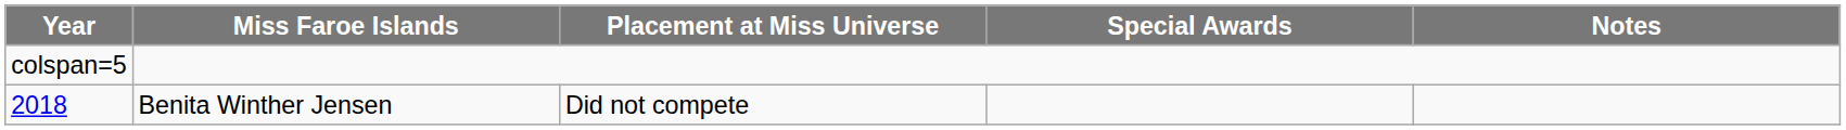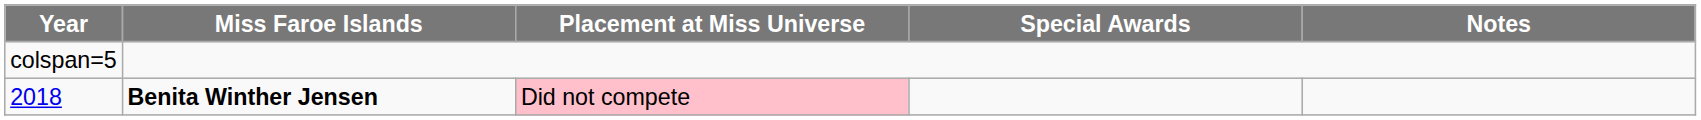 <table class="wikitable " style="font-size: 95%;">
 <tr>
 <th width="60" style="background-color:#787878;color:#FFFFFF;">Year</th>
 <th width="250" style="background-color:#787878;color:#FFFFFF;">Miss Faroe Islands</th>
 <th width="250" style="background-color:#787878;color:#FFFFFF;">Placement at Miss Universe</th>
 <th width="250" style="background-color:#787878;color:#FFFFFF;">Special Awards</th>
 <th width="250" style="background-color:#787878;color:#FFFFFF;">Notes</th>
 </tr>
 <tr>
 <td>colspan=5 </td>
 </tr>
 <tr>
 <td><a href='#'>2018</a></td>
-<td>Benita Winther Jensen</td>
-<td>Did not compete</td>
+<td><strong>Benita Winther Jensen</strong></td>
+<td style="background: pink;">Did not compete</td>
 <td></td>
 <td></td>
 </tr>
 </table>
